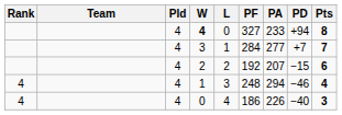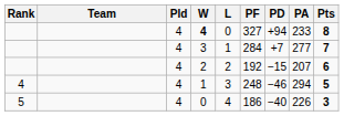 <table class="wikitable" style="text-align: center; font-size:90% ">
 <tr>
 <th width=35>Rank</th>
 <th width=160>Team</th>
 <th width=25>Pld</th>
 <th width=25>W</th>
 <th width=25>L</th>
 <th width=25>PF</th>
+<th width=25>PD</th>
 <th width=25>PA</th>
-<th width=25>PD</th>
 <th width=25>Pts</th>
 </tr>
 <tr>
 <td></td>
 <td align="left"></td>
 <td>4</td>
 <td><strong>4</strong></td>
 <td>0</td>
 <td>327</td>
+<td>+94</td>
 <td>233</td>
-<td>+94</td>
 <td><strong>8</strong></td>
 </tr>
 <tr>
 <td></td>
 <td align="left"></td>
 <td>4</td>
 <td>3</td>
 <td>1</td>
 <td>284</td>
+<td>+7</td>
 <td>277</td>
-<td>+7</td>
 <td><strong>7</strong></td>
 </tr>
 <tr>
 <td></td>
 <td align="left"></td>
 <td>4</td>
 <td>2</td>
 <td>2</td>
 <td>192</td>
+<td>−15</td>
 <td>207</td>
-<td>−15</td>
 <td><strong>6</strong></td>
 </tr>
 <tr>
 <td>4</td>
 <td align="left"></td>
 <td>4</td>
 <td>1</td>
 <td>3</td>
 <td>248</td>
+<td>−46</td>
 <td>294</td>
-<td>−46</td>
-<td><strong>4</strong></td>
+<td><strong>5</strong></td>
 </tr>
 <tr>
-<td>4</td>
+<td>5</td>
 <td align="left"></td>
 <td>4</td>
 <td>0</td>
 <td>4</td>
 <td>186</td>
+<td>−40</td>
 <td>226</td>
-<td>−40</td>
 <td><strong>3</strong></td>
 </tr>
 </table>
